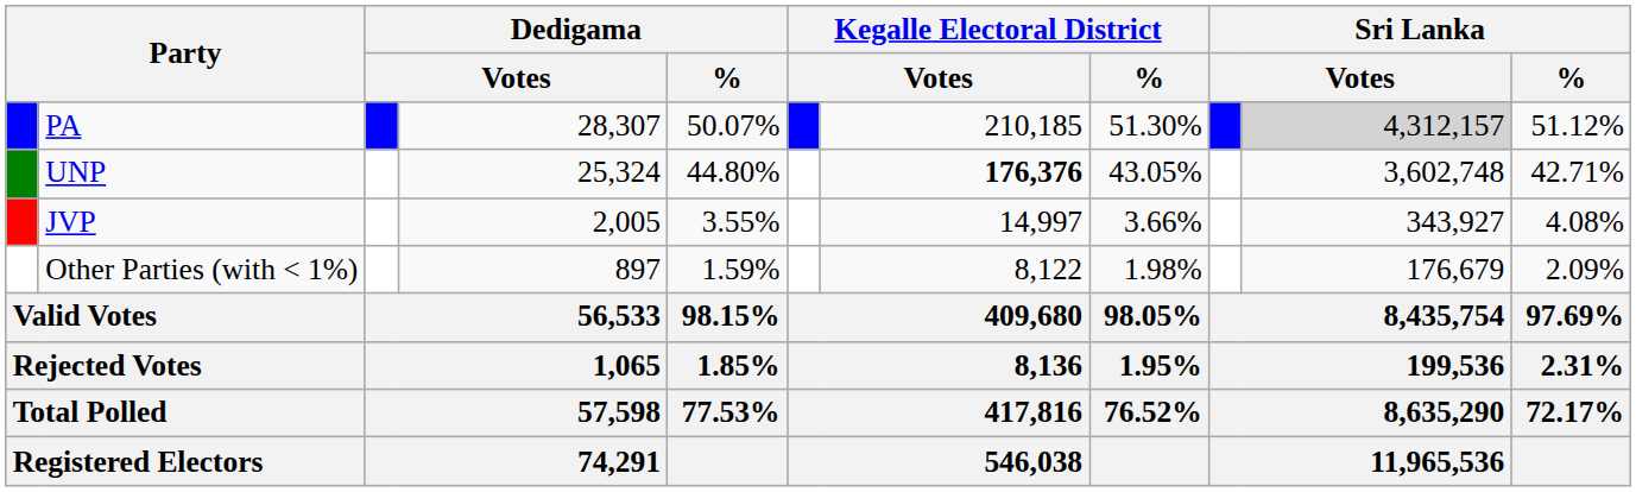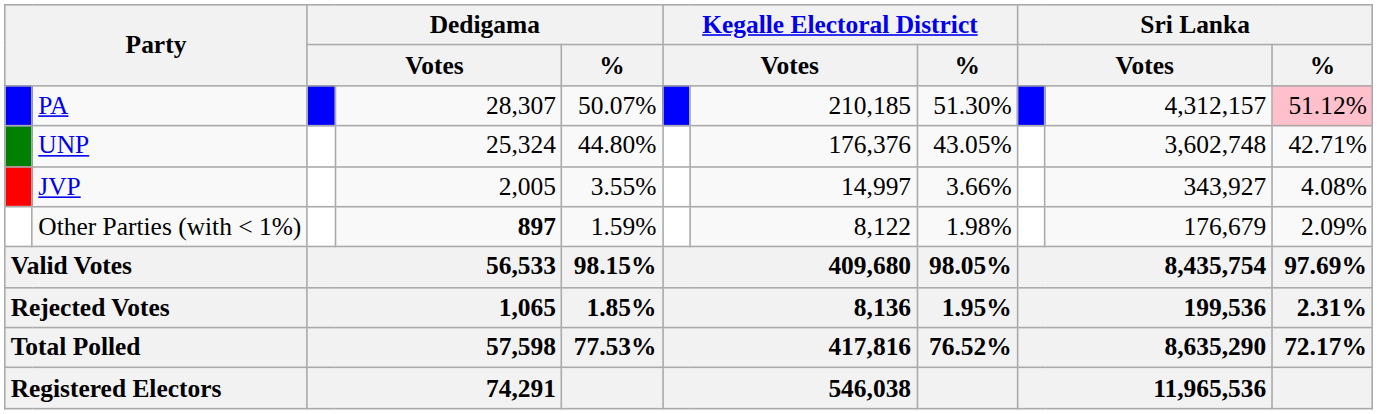 <table class="wikitable">
 <tr>
 <th colspan="2" width="144px"rowspan="2">Party</th>
 <th colspan="3" width="216px">Dedigama</th>
 <th colspan="3" width="216px"><a href='#'>Kegalle Electoral District</a></th>
 <th colspan="3" width="216px">Sri Lanka</th>
 </tr>
 <tr>
 <th colspan="2" width="144px">Votes</th>
 <th>%</th>
 <th colspan="2" width="144px">Votes</th>
 <th>%</th>
 <th colspan="2" width="144px">Votes</th>
 <th>%</th>
 </tr>
 <tr>
 <td style="background-color:blue;" width="10px"></td>
 <td style="text-align:left;"><a href='#'>PA</a></td>
 <td style="background-color:blue;" width="10px"></td>
 <td style="text-align:right;">28,307</td>
 <td style="text-align:right;">50.07%</td>
 <td style="background-color:blue;" width="10px"></td>
 <td style="text-align:right;">210,185</td>
 <td style="text-align:right;">51.30%</td>
 <td style="background-color:blue;" width="10px"></td>
-<td style="background: lightgrey; text-align:right;">4,312,157</td>
-<td style="text-align:right;">51.12%</td>
+<td style="text-align:right;">4,312,157</td>
+<td style="background: pink; text-align:right;">51.12%</td>
 </tr>
 <tr>
 <td style="background-color:green;" width="10px"></td>
 <td style="text-align:left;"><a href='#'>UNP</a></td>
 <td style="background-color:white;" width="10px"></td>
 <td style="text-align:right;">25,324</td>
 <td style="text-align:right;">44.80%</td>
 <td style="background-color:white;" width="10px"></td>
-<td style="text-align:right;"><strong>176,376</strong></td>
+<td style="text-align:right;">176,376</td>
 <td style="text-align:right;">43.05%</td>
 <td style="background-color:white;" width="10px"></td>
 <td style="text-align:right;">3,602,748</td>
 <td style="text-align:right;">42.71%</td>
 </tr>
 <tr>
 <td style="background-color:red;" width="10px"></td>
 <td style="text-align:left;"><a href='#'>JVP</a></td>
 <td style="background-color:white;" width="10px"></td>
 <td style="text-align:right;">2,005</td>
 <td style="text-align:right;">3.55%</td>
 <td style="background-color:white;" width="10px"></td>
 <td style="text-align:right;">14,997</td>
 <td style="text-align:right;">3.66%</td>
 <td style="background-color:white;" width="10px"></td>
 <td style="text-align:right;">343,927</td>
 <td style="text-align:right;">4.08%</td>
 </tr>
 <tr>
 <td style="background-color:white;" width="10px"></td>
 <td style="text-align:left;">Other Parties (with < 1%)</td>
 <td style="background-color:white;" width="10px"></td>
-<td style="text-align:right;">897</td>
+<td style="text-align:right;"><strong>897</strong></td>
 <td style="text-align:right;">1.59%</td>
 <td style="background-color:white;" width="10px"></td>
 <td style="text-align:right;">8,122</td>
 <td style="text-align:right;">1.98%</td>
 <td style="background-color:white;" width="10px"></td>
 <td style="text-align:right;">176,679</td>
 <td style="text-align:right;">2.09%</td>
 </tr>
 <tr>
 <th colspan="2" width="144px"style="text-align:left;">Valid Votes</th>
 <th style="text-align:right;"colspan="2" width="144px">56,533</th>
 <th style="text-align:right;">98.15%</th>
 <th style="text-align:right;"colspan="2" width="144px">409,680</th>
 <th style="text-align:right;">98.05%</th>
 <th style="text-align:right;"colspan="2" width="144px">8,435,754</th>
 <th style="text-align:right;">97.69%</th>
 </tr>
 <tr>
 <th colspan="2" width="144px"style="text-align:left;">Rejected Votes</th>
 <th style="text-align:right;"colspan="2" width="144px">1,065</th>
 <th style="text-align:right;">1.85%</th>
 <th style="text-align:right;"colspan="2" width="144px">8,136</th>
 <th style="text-align:right;">1.95%</th>
 <th style="text-align:right;"colspan="2" width="144px">199,536</th>
 <th style="text-align:right;">2.31%</th>
 </tr>
 <tr>
 <th colspan="2" width="144px"style="text-align:left;">Total Polled</th>
 <th style="text-align:right;"colspan="2" width="144px">57,598</th>
 <th style="text-align:right;">77.53%</th>
 <th style="text-align:right;"colspan="2" width="144px">417,816</th>
 <th style="text-align:right;">76.52%</th>
 <th style="text-align:right;"colspan="2" width="144px">8,635,290</th>
 <th style="text-align:right;">72.17%</th>
 </tr>
 <tr>
 <th colspan="2" width="144px"style="text-align:left;">Registered Electors</th>
 <th style="text-align:right;"colspan="2" width="144px">74,291</th>
 <th></th>
 <th style="text-align:right;"colspan="2" width="144px">546,038</th>
 <th></th>
 <th style="text-align:right;"colspan="2" width="144px">11,965,536</th>
 <th></th>
 </tr>
 </table>
